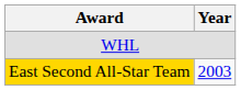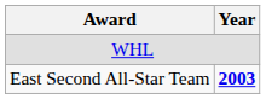 <table class="wikitable">
 <tr>
 <th>Award</th>
 <th>Year</th>
 </tr>
 <tr ALIGN="center" bgcolor="#e0e0e0">
 <td colspan="3"><a href='#'>WHL</a></td>
 </tr>
 <tr>
-<td style="background: gold;">East Second All-Star Team</td>
-<td><a href='#'>2003</a></td>
+<td>East Second All-Star Team</td>
+<td><strong><a href='#'>2003</a></strong></td>
 </tr>
 </table>
